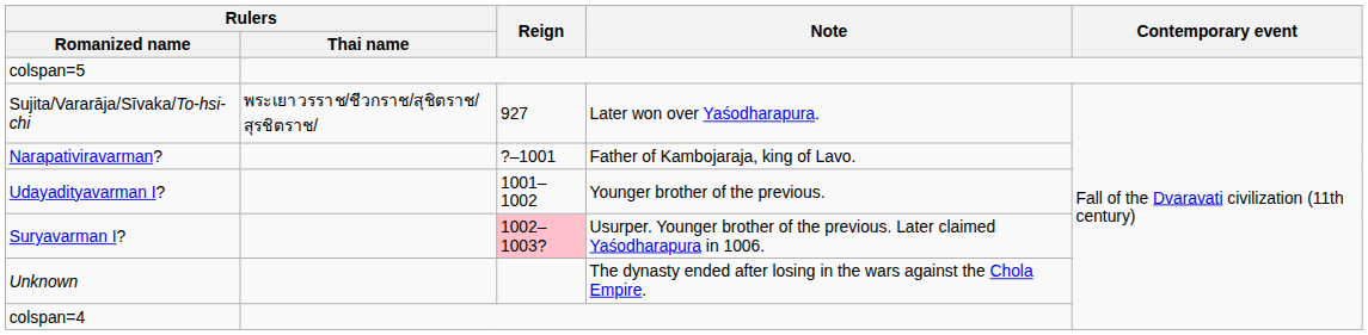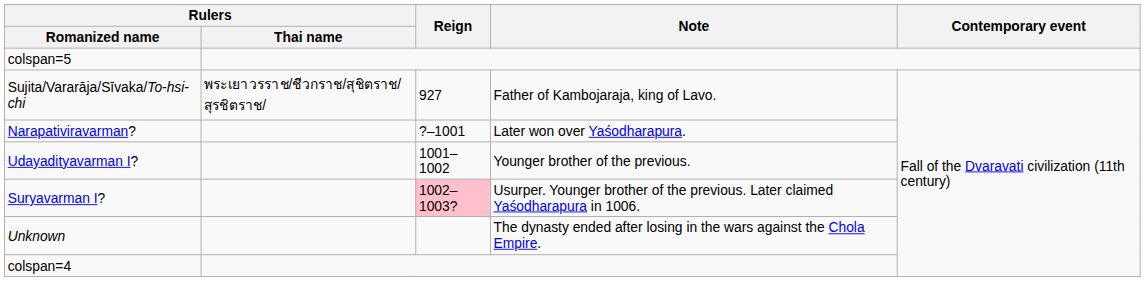 <table class="wikitable" style="font-size:95%;">
 <tr>
 <th colspan=2>Rulers</th>
 <th rowspan=2>Reign</th>
 <th rowspan=2>Note</th>
 <th rowspan=2>Contemporary event</th>
 </tr>
 <tr>
 <th>Romanized name</th>
 <th>Thai name</th>
 </tr>
 <tr>
 <td>colspan=5 </td>
 </tr>
 <tr>
 <td>Sujita/Vararāja/Sīvaka/<em>To-hsi-chi</em></td>
 <td>พระเยาวรราช/ชีวกราช/สุชิตราช/สุรชิตราช/</td>
 <td> 927</td>
-<td>Later won over <a href='#'>Yaśodharapura</a>.</td>
+<td>Father of Kambojaraja, king of Lavo.</td>
 <td rowspan=6>Fall of the <a href='#'>Dvaravati</a> civilization (11th century)</td>
 </tr>
 <tr>
 <td><a href='#'>Narapativiravarman</a>?</td>
 <td></td>
 <td>?–1001</td>
-<td>Father of Kambojaraja, king of Lavo.</td>
+<td>Later won over <a href='#'>Yaśodharapura</a>.</td>
 </tr>
 <tr>
 <td><a href='#'>Udayadityavarman I</a>?</td>
 <td></td>
 <td>1001–1002</td>
 <td>Younger brother of the previous.</td>
 </tr>
 <tr>
 <td><a href='#'>Suryavarman I</a>?</td>
 <td></td>
 <td style="background: pink;">1002–1003?</td>
 <td>Usurper. Younger brother of the previous. Later claimed <a href='#'>Yaśodharapura</a> in 1006.</td>
 </tr>
 <tr>
 <td><em>Unknown</em></td>
 <td></td>
 <td></td>
 <td>The dynasty ended after losing in the wars against the <a href='#'>Chola Empire</a>.</td>
 </tr>
 <tr>
 <td>colspan=4 </td>
 </tr>
 </table>
